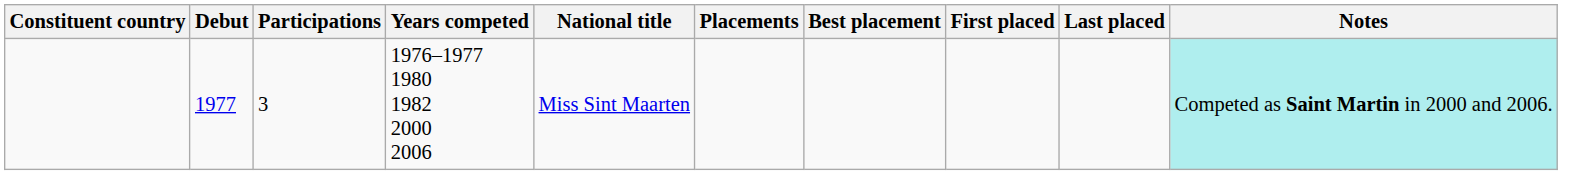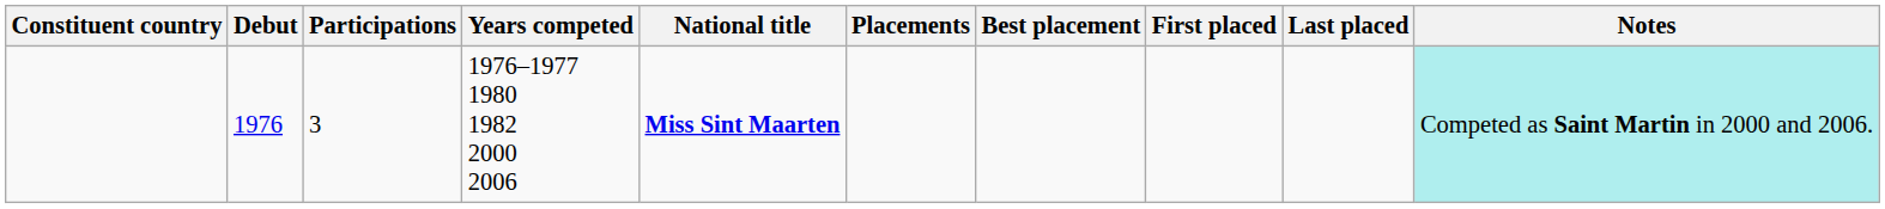 <table class="wikitable" style="font-size: 95%;">
 <tr>
 <th>Constituent country</th>
 <th>Debut</th>
 <th>Participations</th>
 <th>Years competed</th>
 <th>National title</th>
 <th>Placements</th>
 <th>Best placement</th>
 <th>First placed</th>
 <th>Last placed</th>
 <th>Notes</th>
 </tr>
 <tr>
 <td><strong></strong></td>
-<td><a href='#'>1977</a></td>
+<td><a href='#'>1976</a></td>
 <td>3</td>
 <td>1976–1977<br>1980<br>1982<br>2000<br>2006</td>
-<td><a href='#'>Miss Sint Maarten</a></td>
+<td><strong><a href='#'>Miss Sint Maarten</a></strong></td>
 <td></td>
 <td></td>
 <td></td>
 <td></td>
 <td style="background: paleturquoise;">Competed as <strong>Saint Martin</strong> in 2000 and 2006.</td>
 </tr>
 </table>
